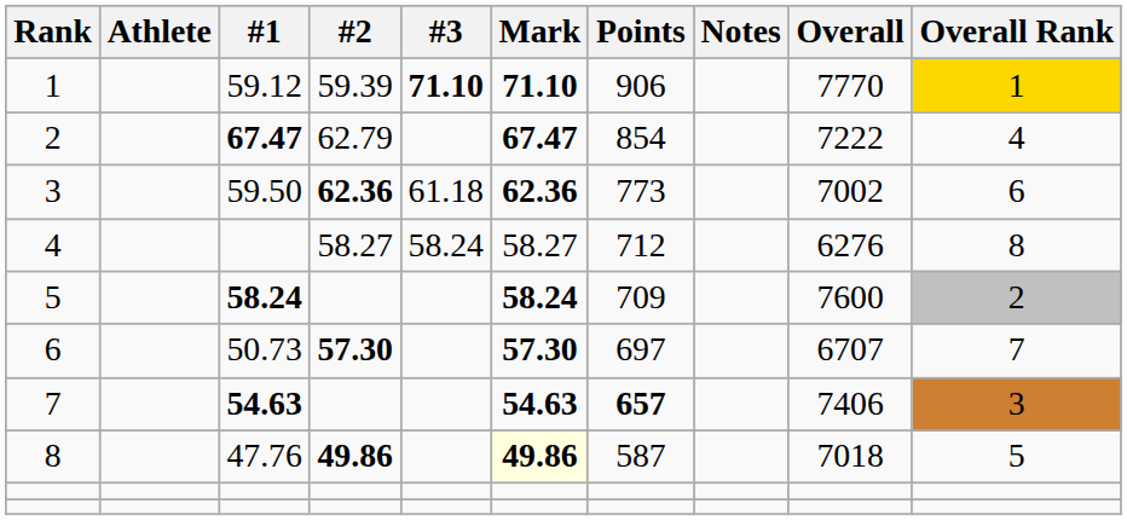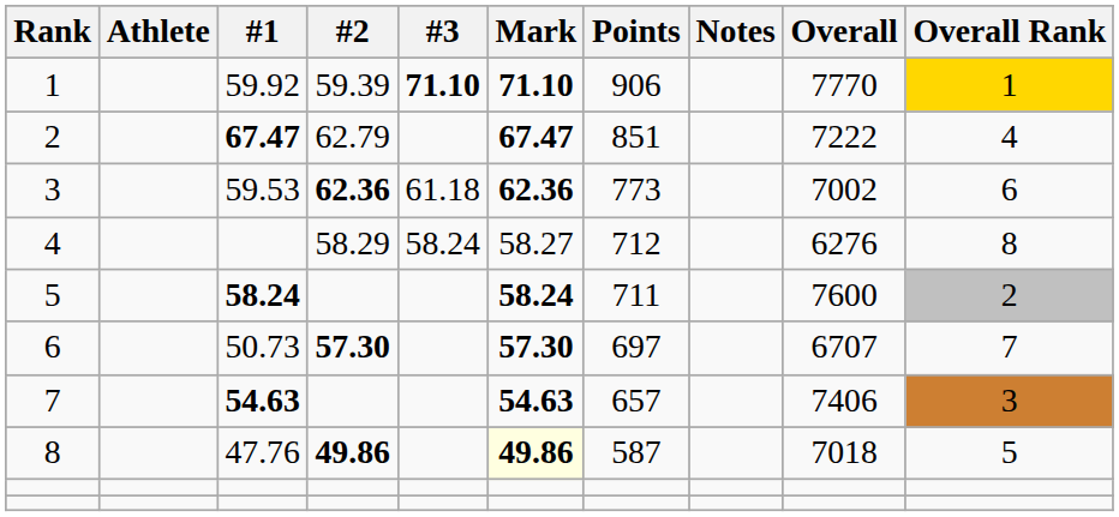 <table class="wikitable sortable" style="text-align:center">
 <tr>
 <th>Rank</th>
 <th>Athlete</th>
 <th>#1</th>
 <th>#2</th>
 <th>#3</th>
 <th>Mark</th>
 <th>Points</th>
 <th>Notes</th>
 <th>Overall</th>
 <th>Overall Rank</th>
 </tr>
 <tr>
 <td>1</td>
 <td align="left"></td>
-<td>59.12</td>
+<td>59.92</td>
 <td>59.39</td>
 <td><strong>71.10</strong></td>
 <td><strong>71.10</strong></td>
 <td>906</td>
 <td></td>
 <td>7770</td>
 <td style="background-color:#ffd700">1</td>
 </tr>
 <tr>
 <td>2</td>
 <td align="left"></td>
 <td><strong>67.47</strong></td>
 <td>62.79</td>
 <td></td>
 <td><strong>67.47</strong></td>
-<td>854</td>
+<td>851</td>
 <td></td>
 <td>7222</td>
 <td>4</td>
 </tr>
 <tr>
 <td>3</td>
 <td align="left"></td>
-<td>59.50</td>
+<td>59.53</td>
 <td><strong>62.36</strong></td>
 <td>61.18</td>
 <td><strong>62.36</strong></td>
 <td>773</td>
 <td></td>
 <td>7002</td>
 <td>6</td>
 </tr>
 <tr>
 <td>4</td>
 <td align="left"></td>
 <td></td>
-<td>58.27</td>
+<td>58.29</td>
 <td>58.24</td>
 <td>58.27</td>
 <td>712</td>
 <td></td>
 <td>6276</td>
 <td>8</td>
 </tr>
 <tr>
 <td>5</td>
 <td align="left"></td>
 <td><strong>58.24</strong></td>
 <td></td>
 <td></td>
 <td><strong>58.24</strong></td>
-<td>709</td>
+<td>711</td>
 <td></td>
 <td>7600</td>
 <td style="background-color:#c0c0c0">2</td>
 </tr>
 <tr>
 <td>6</td>
 <td align="left"></td>
 <td>50.73</td>
 <td><strong>57.30</strong></td>
 <td></td>
 <td><strong>57.30</strong></td>
 <td>697</td>
 <td></td>
 <td>6707</td>
 <td>7</td>
 </tr>
 <tr>
 <td>7</td>
 <td align="left"></td>
 <td><strong>54.63</strong></td>
 <td></td>
 <td></td>
 <td><strong>54.63</strong></td>
-<td><strong>657</strong></td>
+<td>657</td>
 <td></td>
 <td>7406</td>
 <td style="background-color:#cd7f32">3</td>
 </tr>
 <tr>
 <td>8</td>
 <td align="left"></td>
 <td>47.76</td>
 <td><strong>49.86</strong></td>
 <td></td>
 <td style="background: lightyellow;"><strong>49.86</strong></td>
 <td>587</td>
 <td></td>
 <td>7018</td>
 <td>5</td>
 </tr>
 <tr>
 <td></td>
 <td align="left"></td>
 <td></td>
 <td></td>
 <td></td>
 <td></td>
 <td></td>
 <td></td>
 <td></td>
 <td></td>
 </tr>
 <tr>
 <td></td>
 <td align="left"></td>
 <td></td>
 <td></td>
 <td></td>
 <td></td>
 <td></td>
 <td></td>
 <td></td>
 <td></td>
 </tr>
 </table>
